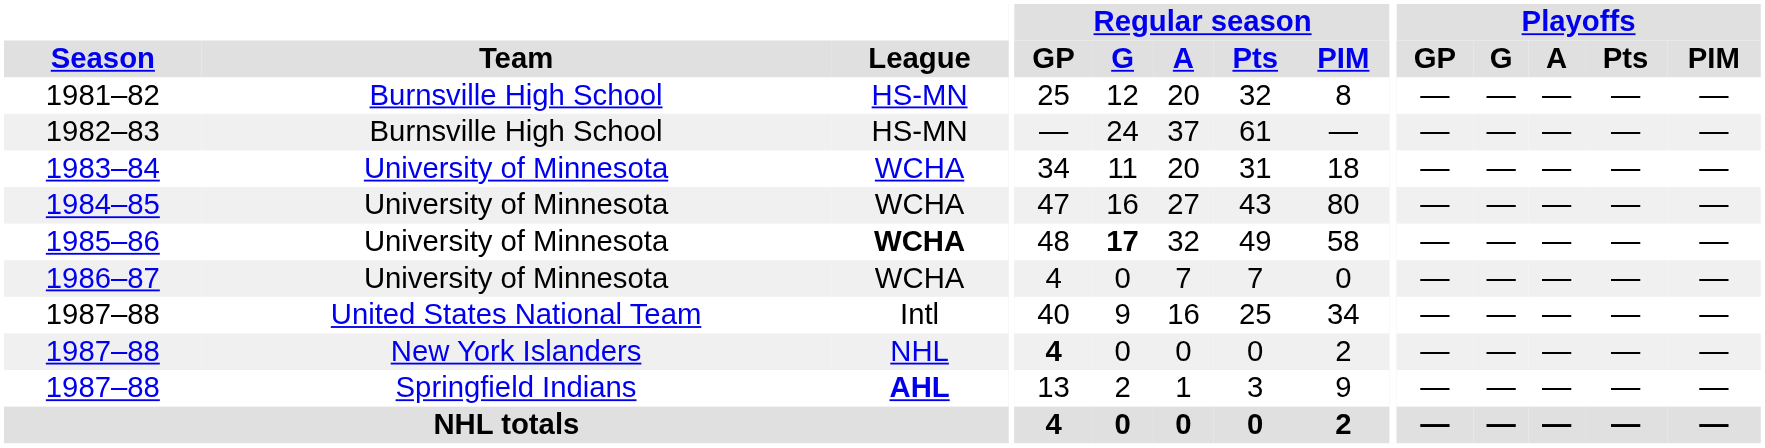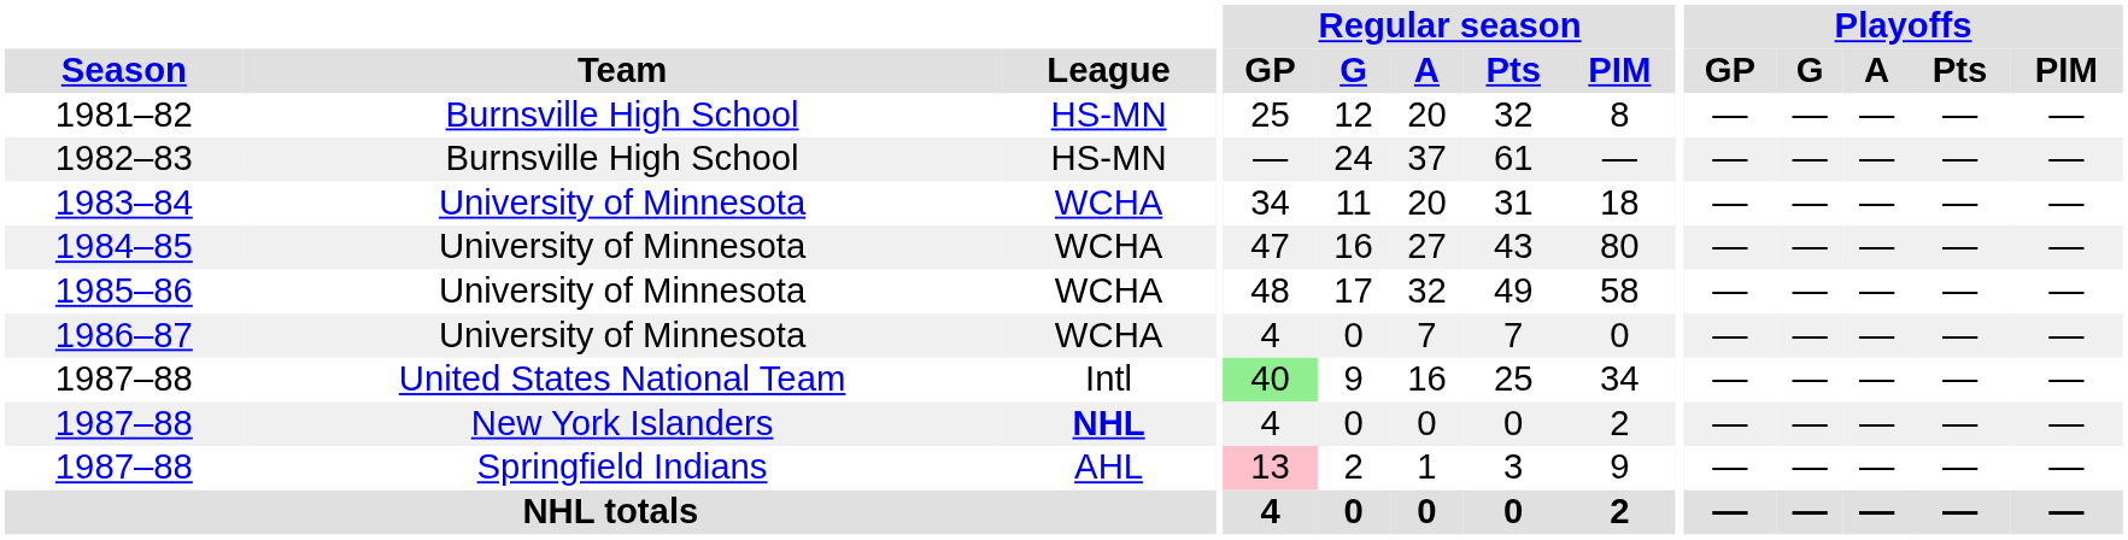 <table border="0" cellpadding="1" cellspacing="0" style="text-align:center; width:60em">
 <tr bgcolor="#e0e0e0">
 <th colspan="3" bgcolor="#ffffff"></th>
 <th rowspan="100" bgcolor="#ffffff"></th>
 <th colspan="5"><a href='#'>Regular season</a></th>
 <th rowspan="100" bgcolor="#ffffff"></th>
 <th colspan="5"><a href='#'>Playoffs</a></th>
 </tr>
 <tr bgcolor="#e0e0e0">
 <th><a href='#'>Season</a></th>
 <th>Team</th>
 <th>League</th>
 <th>GP</th>
 <th><a href='#'>G</a></th>
 <th><a href='#'>A</a></th>
 <th><a href='#'>Pts</a></th>
 <th><a href='#'>PIM</a></th>
 <th>GP</th>
 <th>G</th>
 <th>A</th>
 <th>Pts</th>
 <th>PIM</th>
 </tr>
 <tr>
 <td>1981–82</td>
 <td><a href='#'>Burnsville High School</a></td>
 <td><a href='#'>HS-MN</a></td>
 <td>25</td>
 <td>12</td>
 <td>20</td>
 <td>32</td>
 <td>8</td>
 <td>—</td>
 <td>—</td>
 <td>—</td>
 <td>—</td>
 <td>—</td>
 </tr>
 <tr bgcolor="#f0f0f0">
 <td>1982–83</td>
 <td>Burnsville High School</td>
 <td>HS-MN</td>
 <td>—</td>
 <td>24</td>
 <td>37</td>
 <td>61</td>
 <td>—</td>
 <td>—</td>
 <td>—</td>
 <td>—</td>
 <td>—</td>
 <td>—</td>
 </tr>
 <tr>
 <td><a href='#'>1983–84</a></td>
 <td><a href='#'>University of Minnesota</a></td>
 <td><a href='#'>WCHA</a></td>
 <td>34</td>
 <td>11</td>
 <td>20</td>
 <td>31</td>
 <td>18</td>
 <td>—</td>
 <td>—</td>
 <td>—</td>
 <td>—</td>
 <td>—</td>
 </tr>
 <tr bgcolor="#f0f0f0">
 <td><a href='#'>1984–85</a></td>
 <td>University of Minnesota</td>
 <td>WCHA</td>
 <td>47</td>
 <td>16</td>
 <td>27</td>
 <td>43</td>
 <td>80</td>
 <td>—</td>
 <td>—</td>
 <td>—</td>
 <td>—</td>
 <td>—</td>
 </tr>
 <tr>
 <td><a href='#'>1985–86</a></td>
 <td>University of Minnesota</td>
-<td><strong>WCHA</strong></td>
+<td>WCHA</td>
 <td>48</td>
-<td><strong>17</strong></td>
+<td>17</td>
 <td>32</td>
 <td>49</td>
 <td>58</td>
 <td>—</td>
 <td>—</td>
 <td>—</td>
 <td>—</td>
 <td>—</td>
 </tr>
 <tr bgcolor="#f0f0f0">
 <td><a href='#'>1986–87</a></td>
 <td>University of Minnesota</td>
 <td>WCHA</td>
 <td>4</td>
 <td>0</td>
 <td>7</td>
 <td>7</td>
 <td>0</td>
 <td>—</td>
 <td>—</td>
 <td>—</td>
 <td>—</td>
 <td>—</td>
 </tr>
 <tr>
 <td>1987–88</td>
 <td><a href='#'>United States National Team</a></td>
 <td>Intl</td>
-<td>40</td>
+<td style="background: lightgreen;">40</td>
 <td>9</td>
 <td>16</td>
 <td>25</td>
 <td>34</td>
 <td>—</td>
 <td>—</td>
 <td>—</td>
 <td>—</td>
 <td>—</td>
 </tr>
 <tr bgcolor="#f0f0f0">
 <td><a href='#'>1987–88</a></td>
 <td><a href='#'>New York Islanders</a></td>
-<td><a href='#'>NHL</a></td>
-<td><strong>4</strong></td>
+<td><strong><a href='#'>NHL</a></strong></td>
+<td>4</td>
 <td>0</td>
 <td>0</td>
 <td>0</td>
 <td>2</td>
 <td>—</td>
 <td>—</td>
 <td>—</td>
 <td>—</td>
 <td>—</td>
 </tr>
 <tr>
 <td><a href='#'>1987–88</a></td>
 <td><a href='#'>Springfield Indians</a></td>
-<td><strong><a href='#'>AHL</a></strong></td>
-<td>13</td>
+<td><a href='#'>AHL</a></td>
+<td style="background: pink;">13</td>
 <td>2</td>
 <td>1</td>
 <td>3</td>
 <td>9</td>
 <td>—</td>
 <td>—</td>
 <td>—</td>
 <td>—</td>
 <td>—</td>
 </tr>
 <tr bgcolor="#e0e0e0">
 <th colspan="3">NHL totals</th>
 <th>4</th>
 <th>0</th>
 <th>0</th>
 <th>0</th>
 <th>2</th>
 <th>—</th>
 <th>—</th>
 <th>—</th>
 <th>—</th>
 <th>—</th>
 </tr>
 </table>
